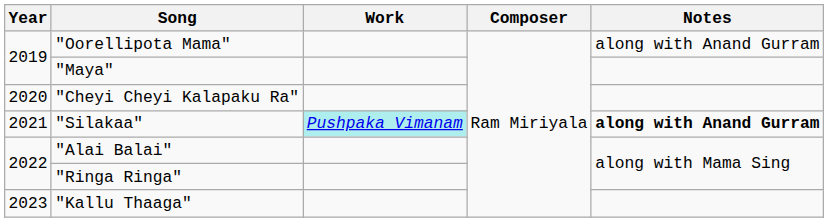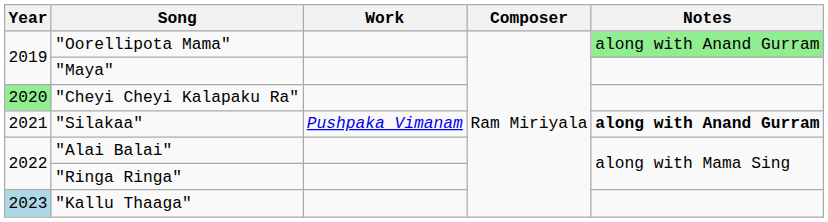 <table class="wikitable">
 <tr>
 <th>Year</th>
 <th>Song</th>
 <th>Work</th>
 <th>Composer</th>
 <th>Notes</th>
 </tr>
 <tr>
 <td rowspan="2">2019</td>
 <td>"Oorellipota Mama"</td>
 <td></td>
 <td rowspan="7">Ram Miriyala</td>
-<td>along with Anand Gurram</td>
+<td style="background: lightgreen;">along with Anand Gurram</td>
 </tr>
 <tr>
 <td>"Maya"</td>
 <td></td>
 <td></td>
 </tr>
 <tr>
-<td>2020</td>
+<td style="background: lightgreen;">2020</td>
 <td>"Cheyi Cheyi Kalapaku Ra"</td>
 <td></td>
 <td></td>
 </tr>
 <tr>
 <td>2021</td>
 <td>"Silakaa"</td>
-<td style="background: paleturquoise;"><a href='#'><em>Pushpaka Vimanam</em></a></td>
+<td><a href='#'><em>Pushpaka Vimanam</em></a></td>
 <td><strong>along with Anand Gurram</strong></td>
 </tr>
 <tr>
 <td rowspan="2">2022</td>
 <td>"Alai Balai"</td>
 <td></td>
 <td rowspan="2">along with Mama Sing</td>
 </tr>
 <tr>
 <td>"Ringa Ringa"</td>
 <td></td>
 </tr>
 <tr>
-<td>2023</td>
+<td style="background: lightblue;">2023</td>
 <td>"Kallu Thaaga"</td>
 <td></td>
 <td></td>
 </tr>
 </table>
